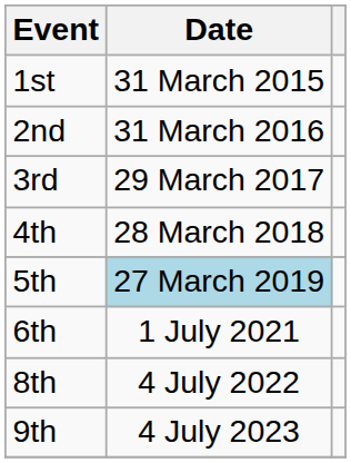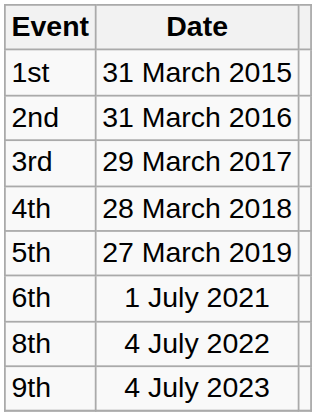 <table class="wikitable">
 <tr>
 <th>Event</th>
 <th>Date</th>
 <th></th>
 </tr>
 <tr>
 <td>1st</td>
 <td align="center">31 March 2015</td>
 <td align="center"></td>
 </tr>
 <tr>
 <td>2nd</td>
 <td align="center">31 March 2016</td>
 <td align="center"></td>
 </tr>
 <tr>
 <td>3rd</td>
 <td align="center">29 March 2017</td>
 <td align="center"></td>
 </tr>
 <tr>
 <td>4th</td>
 <td align="center">28 March 2018</td>
 <td align="center"></td>
 </tr>
 <tr>
 <td>5th</td>
-<td align="center" style="background: lightblue;">27 March 2019</td>
+<td align="center">27 March 2019</td>
 <td align="center"></td>
 </tr>
 <tr>
 <td>6th</td>
 <td align="center">1 July 2021</td>
 <td align="center"></td>
 </tr>
 <tr>
 <td>8th</td>
 <td align="center">4 July 2022</td>
 <td align="center"></td>
 </tr>
 <tr>
 <td>9th</td>
 <td align="center">4 July 2023</td>
 <td align="center"></td>
 </tr>
 <tr>
 </tr>
 </table>
